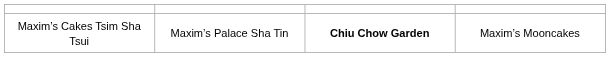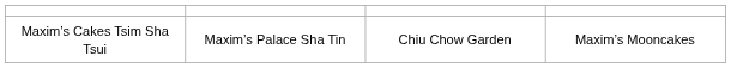 <table style="border: 1px solid #aaa; border-collapse: collapse; margin: auto; text-align: center;">
 <tr>
 <td style="border: 1px solid #aaa; padding: 5px; width: 170px;"></td>
 <td style="border: 1px solid #aaa; padding: 5px; width: 170px;"></td>
 <td style="border: 1px solid #aaa; padding: 5px; width: 170px;"></td>
 <td style="border: 1px solid #aaa; padding: 5px; width: 170px;"></td>
 </tr>
 <tr>
 <td style="border: 1px solid #aaa; padding: 5px;"><small>Maxim’s Cakes Tsim Sha Tsui</small></td>
 <td style="border: 1px solid #aaa; padding: 5px;"><small>Maxim’s Palace Sha Tin</small></td>
-<td style="border: 1px solid #aaa; padding: 5px;"><strong><small>Chiu Chow Garden</small></strong></td>
+<td style="border: 1px solid #aaa; padding: 5px;"><small>Chiu Chow Garden</small></td>
 <td style="border: 1px solid #aaa; padding: 5px;"><small>Maxim’s Mooncakes</small></td>
 </tr>
 </table>
